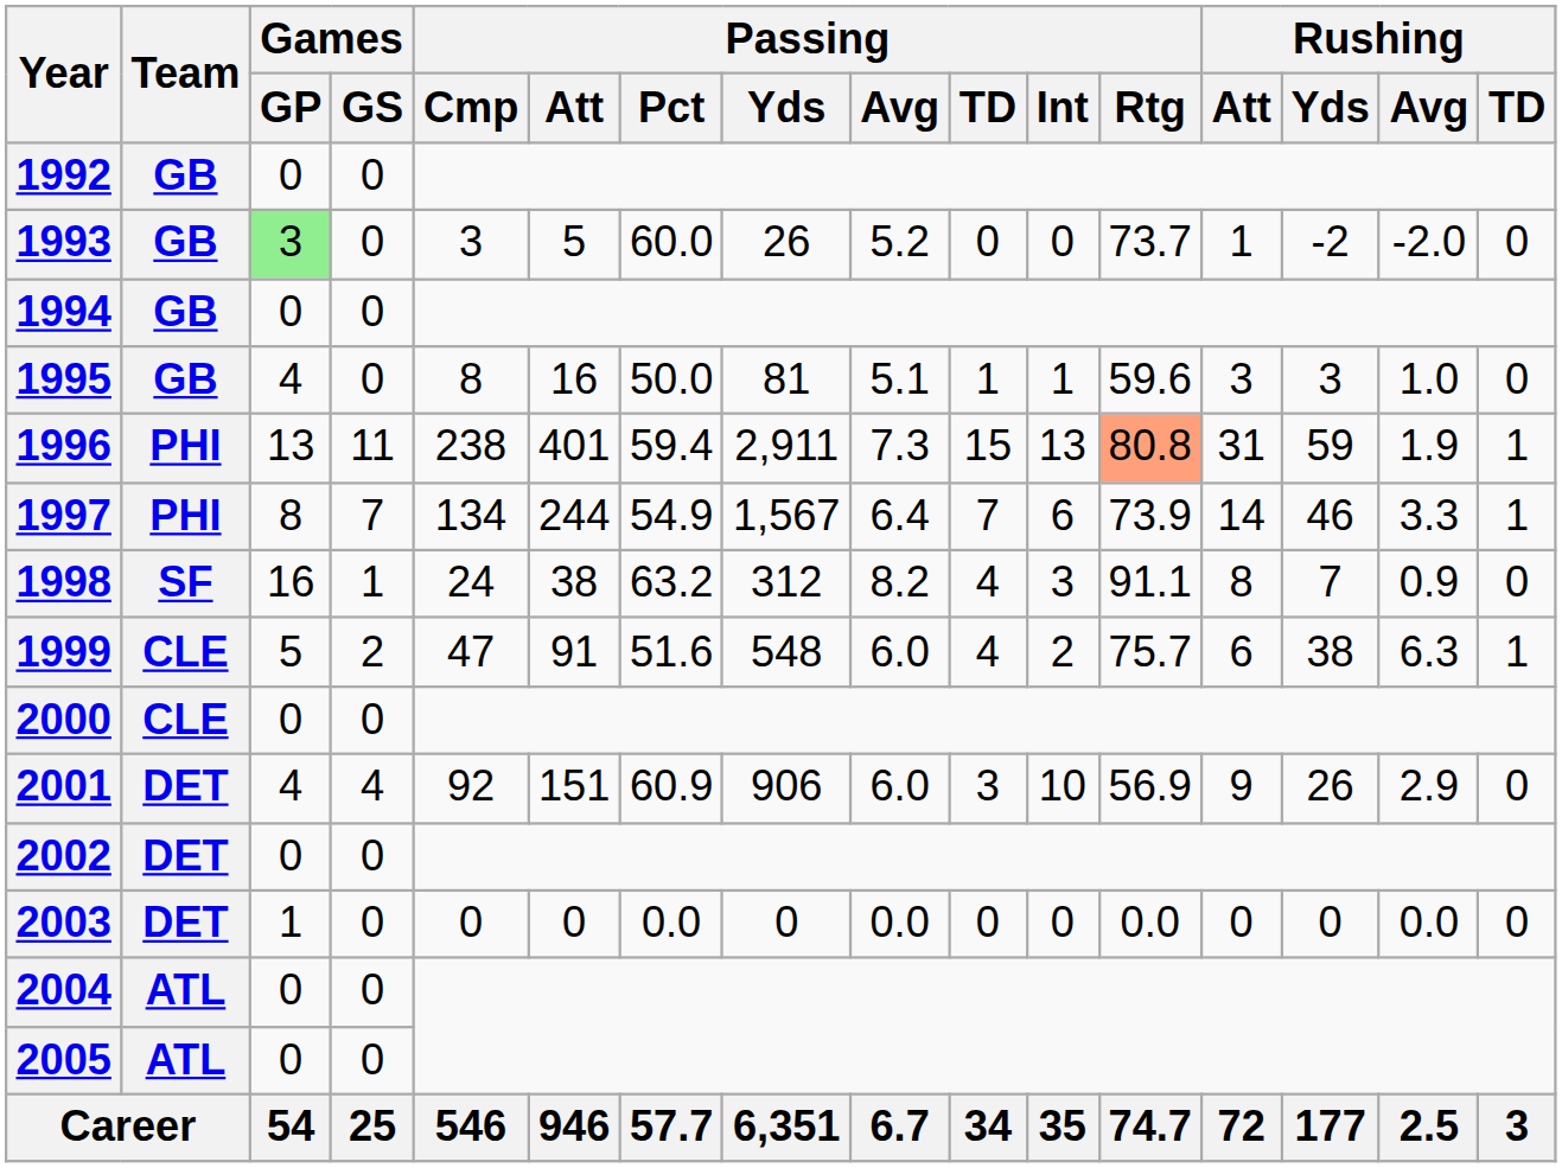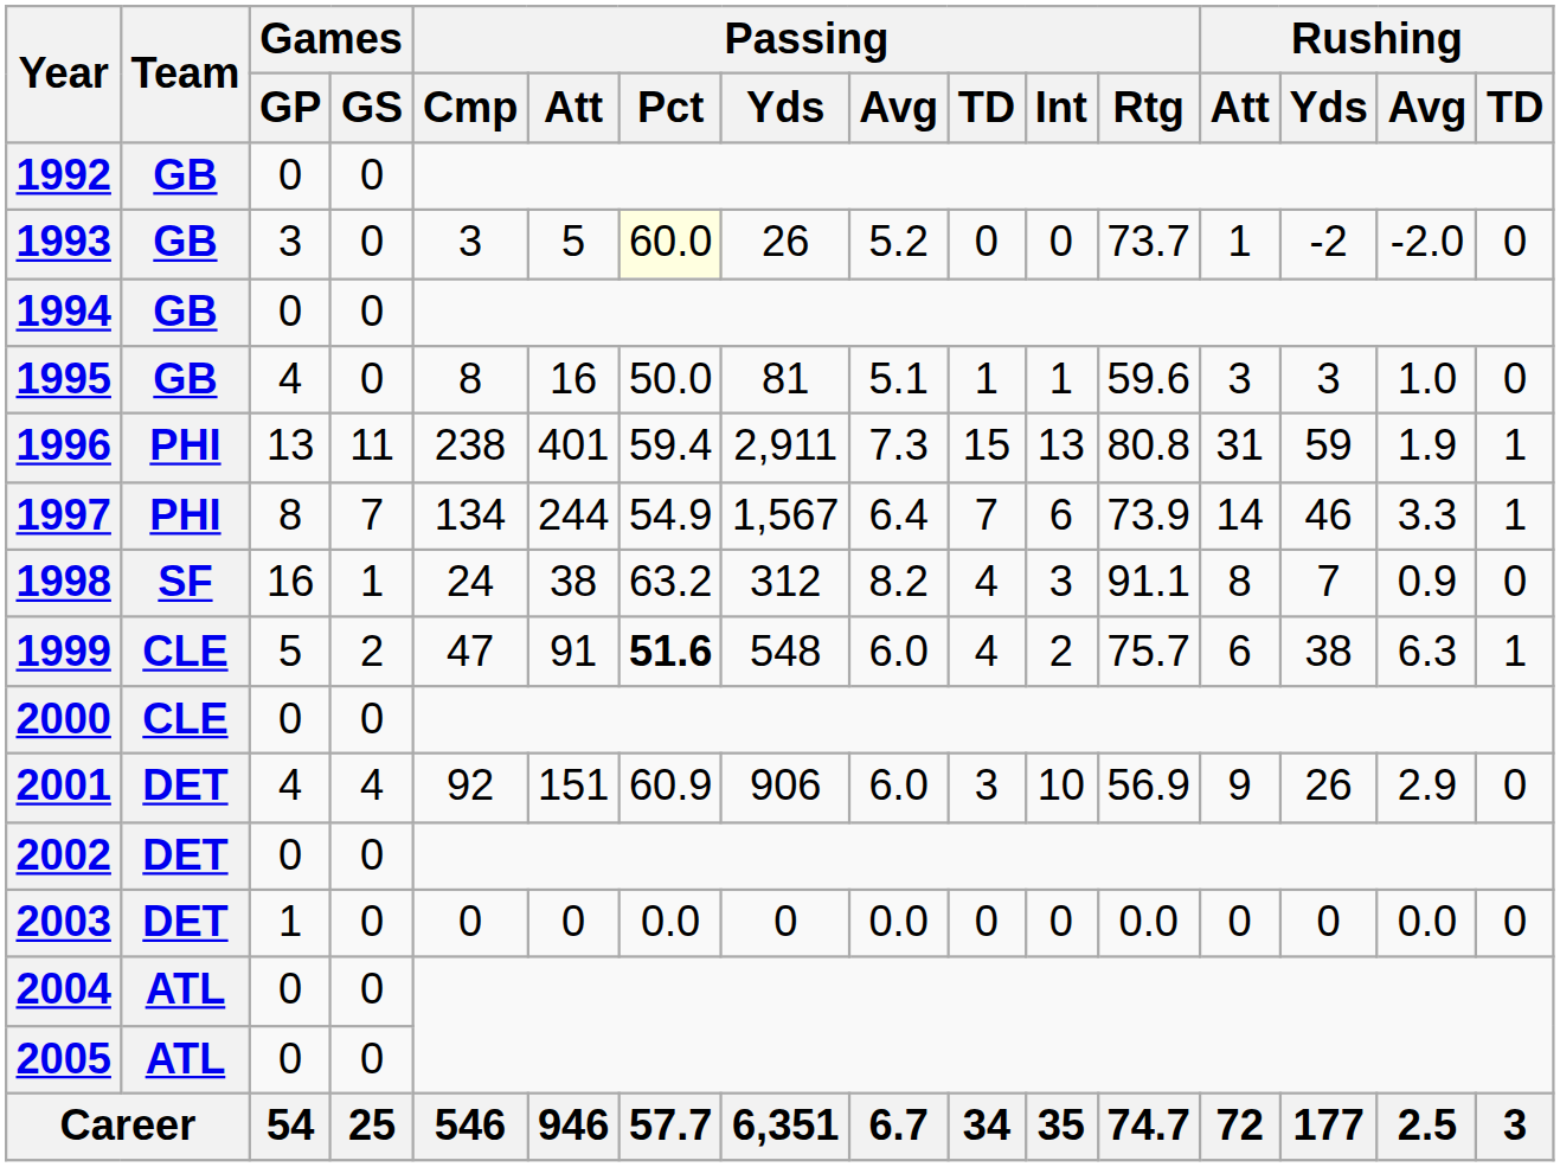 <table class="wikitable" style="text-align: center;">
 <tr>
 <th rowspan="2">Year</th>
 <th rowspan="2">Team</th>
 <th colspan="2">Games</th>
 <th colspan="8">Passing</th>
 <th colspan="4">Rushing</th>
 </tr>
 <tr>
 <th>GP</th>
 <th>GS</th>
 <th>Cmp</th>
 <th>Att</th>
 <th>Pct</th>
 <th>Yds</th>
 <th>Avg</th>
 <th>TD</th>
 <th>Int</th>
 <th>Rtg</th>
 <th>Att</th>
 <th>Yds</th>
 <th>Avg</th>
 <th>TD</th>
 </tr>
 <tr>
 <th><a href='#'>1992</a></th>
 <th><a href='#'>GB</a></th>
 <td>0</td>
 <td>0</td>
 <td colspan="12"></td>
 </tr>
 <tr>
 <th><a href='#'>1993</a></th>
 <th><a href='#'>GB</a></th>
-<td style="background: lightgreen;">3</td>
+<td>3</td>
 <td>0</td>
 <td>3</td>
 <td>5</td>
-<td>60.0</td>
+<td style="background: lightyellow;">60.0</td>
 <td>26</td>
 <td>5.2</td>
 <td>0</td>
 <td>0</td>
 <td>73.7</td>
 <td>1</td>
 <td>-2</td>
 <td>-2.0</td>
 <td>0</td>
 </tr>
 <tr>
 <th><a href='#'>1994</a></th>
 <th><a href='#'>GB</a></th>
 <td>0</td>
 <td>0</td>
 <td colspan="12"></td>
 </tr>
 <tr>
 <th><a href='#'>1995</a></th>
 <th><a href='#'>GB</a></th>
 <td>4</td>
 <td>0</td>
 <td>8</td>
 <td>16</td>
 <td>50.0</td>
 <td>81</td>
 <td>5.1</td>
 <td>1</td>
 <td>1</td>
 <td>59.6</td>
 <td>3</td>
 <td>3</td>
 <td>1.0</td>
 <td>0</td>
 </tr>
 <tr>
 <th><a href='#'>1996</a></th>
 <th><a href='#'>PHI</a></th>
 <td>13</td>
 <td>11</td>
 <td>238</td>
 <td>401</td>
 <td>59.4</td>
 <td>2,911</td>
 <td>7.3</td>
 <td>15</td>
 <td>13</td>
-<td style="background: lightsalmon;">80.8</td>
+<td>80.8</td>
 <td>31</td>
 <td>59</td>
 <td>1.9</td>
 <td>1</td>
 </tr>
 <tr>
 <th><a href='#'>1997</a></th>
 <th><a href='#'>PHI</a></th>
 <td>8</td>
 <td>7</td>
 <td>134</td>
 <td>244</td>
 <td>54.9</td>
 <td>1,567</td>
 <td>6.4</td>
 <td>7</td>
 <td>6</td>
 <td>73.9</td>
 <td>14</td>
 <td>46</td>
 <td>3.3</td>
 <td>1</td>
 </tr>
 <tr>
 <th><a href='#'>1998</a></th>
 <th><a href='#'>SF</a></th>
 <td>16</td>
 <td>1</td>
 <td>24</td>
 <td>38</td>
 <td>63.2</td>
 <td>312</td>
 <td>8.2</td>
 <td>4</td>
 <td>3</td>
 <td>91.1</td>
 <td>8</td>
 <td>7</td>
 <td>0.9</td>
 <td>0</td>
 </tr>
 <tr>
 <th><a href='#'>1999</a></th>
 <th><a href='#'>CLE</a></th>
 <td>5</td>
 <td>2</td>
 <td>47</td>
 <td>91</td>
-<td>51.6</td>
+<td><strong>51.6</strong></td>
 <td>548</td>
 <td>6.0</td>
 <td>4</td>
 <td>2</td>
 <td>75.7</td>
 <td>6</td>
 <td>38</td>
 <td>6.3</td>
 <td>1</td>
 </tr>
 <tr>
 <th><a href='#'>2000</a></th>
 <th><a href='#'>CLE</a></th>
 <td>0</td>
 <td>0</td>
 <td colspan="12"></td>
 </tr>
 <tr>
 <th><a href='#'>2001</a></th>
 <th><a href='#'>DET</a></th>
 <td>4</td>
 <td>4</td>
 <td>92</td>
 <td>151</td>
 <td>60.9</td>
 <td>906</td>
 <td>6.0</td>
 <td>3</td>
 <td>10</td>
 <td>56.9</td>
 <td>9</td>
 <td>26</td>
 <td>2.9</td>
 <td>0</td>
 </tr>
 <tr>
 <th><a href='#'>2002</a></th>
 <th><a href='#'>DET</a></th>
 <td>0</td>
 <td>0</td>
 <td colspan="12"></td>
 </tr>
 <tr>
 <th><a href='#'>2003</a></th>
 <th><a href='#'>DET</a></th>
 <td>1</td>
 <td>0</td>
 <td>0</td>
 <td>0</td>
 <td>0.0</td>
 <td>0</td>
 <td>0.0</td>
 <td>0</td>
 <td>0</td>
 <td>0.0</td>
 <td>0</td>
 <td>0</td>
 <td>0.0</td>
 <td>0</td>
 </tr>
 <tr>
 <th><a href='#'>2004</a></th>
 <th><a href='#'>ATL</a></th>
 <td>0</td>
 <td>0</td>
 <td colspan="12" rowspan="2"></td>
 </tr>
 <tr>
 <th><a href='#'>2005</a></th>
 <th><a href='#'>ATL</a></th>
 <td>0</td>
 <td>0</td>
 </tr>
 <tr>
 <th colspan="2">Career</th>
 <th>54</th>
 <th>25</th>
 <th>546</th>
 <th>946</th>
 <th>57.7</th>
 <th>6,351</th>
 <th>6.7</th>
 <th>34</th>
 <th>35</th>
 <th>74.7</th>
 <th>72</th>
 <th>177</th>
 <th>2.5</th>
 <th>3</th>
 </tr>
 </table>
